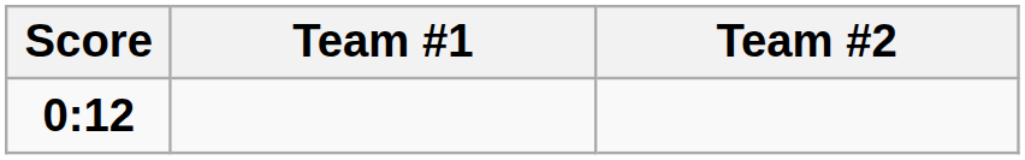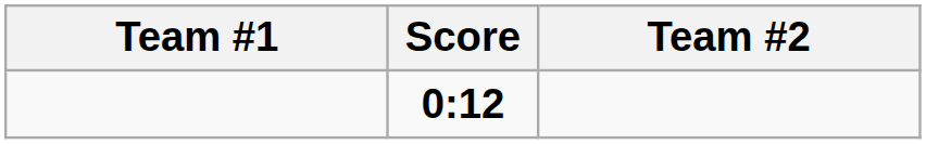 <table class="wikitable" style="text-align:center;">
 <tr>
+<th width=140>Team #1</th>
 <th width=50>Score</th>
-<th width=140>Team #1</th>
 <th width=140>Team #2</th>
 </tr>
 <tr>
+<td style="text-align:right;"></td>
 <td><strong>0:12</strong></td>
-<td style="text-align:right;"></td>
 <td style="text-align:left;"></td>
 </tr>
 </table>
